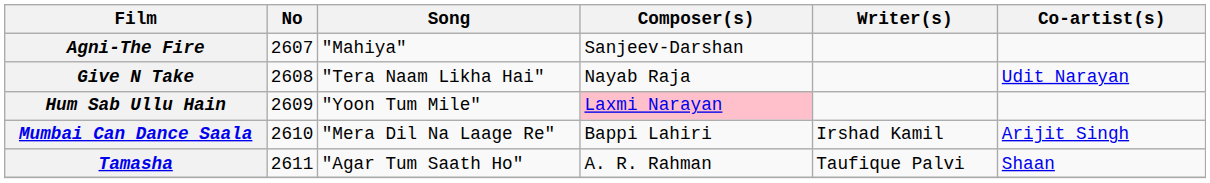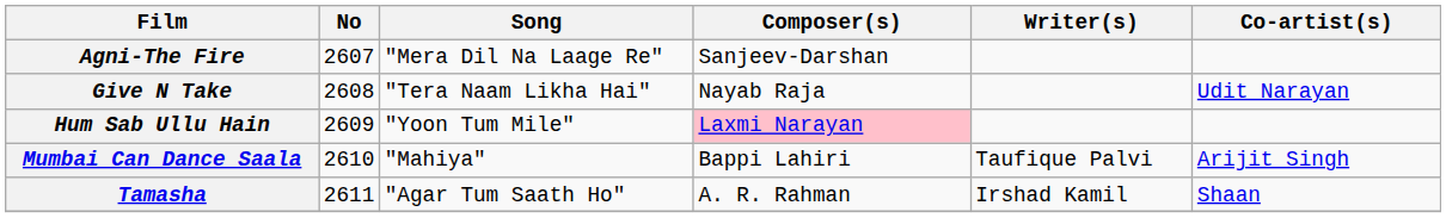 <table class="wikitable plainrowheaders" width="100%" textcolor:#000;">
 <tr style="background:#b0e0e66;">
 <th scope="col" width=23%><strong>Film</strong></th>
 <th><strong>No</strong></th>
 <th scope="col" width=23%><strong>Song</strong></th>
 <th scope="col" width=20%><strong>Composer(s)</strong></th>
 <th scope="col" width=16%><strong>Writer(s)</strong></th>
 <th scope="col" width=18%><strong>Co-artist(s)</strong></th>
 </tr>
 <tr>
 <th><em>Agni-The Fire</em></th>
 <td>2607</td>
-<td>"Mahiya"</td>
+<td>"Mera Dil Na Laage Re"</td>
 <td>Sanjeev-Darshan</td>
 <td></td>
 <td></td>
 </tr>
 <tr>
 <th><em>Give N Take</em></th>
 <td>2608</td>
 <td>"Tera Naam Likha Hai"</td>
 <td>Nayab Raja</td>
 <td></td>
 <td><a href='#'>Udit Narayan</a></td>
 </tr>
 <tr>
 <th><em>Hum Sab Ullu Hain</em></th>
 <td>2609</td>
 <td>"Yoon Tum Mile"</td>
 <td style="background: pink;"><a href='#'>Laxmi Narayan</a></td>
 <td></td>
 <td></td>
 </tr>
 <tr>
 <th><em><a href='#'>Mumbai Can Dance Saala</a></em></th>
 <td>2610</td>
-<td>"Mera Dil Na Laage Re"</td>
+<td>"Mahiya"</td>
 <td>Bappi Lahiri</td>
-<td>Irshad Kamil</td>
+<td>Taufique Palvi</td>
 <td><a href='#'>Arijit Singh</a></td>
 </tr>
 <tr>
 <th><em><a href='#'>Tamasha</a></em></th>
 <td>2611</td>
 <td>"Agar Tum Saath Ho"</td>
 <td>A. R. Rahman</td>
-<td>Taufique Palvi</td>
+<td>Irshad Kamil</td>
 <td><a href='#'>Shaan</a></td>
 </tr>
 <tr>
 </tr>
 </table>
